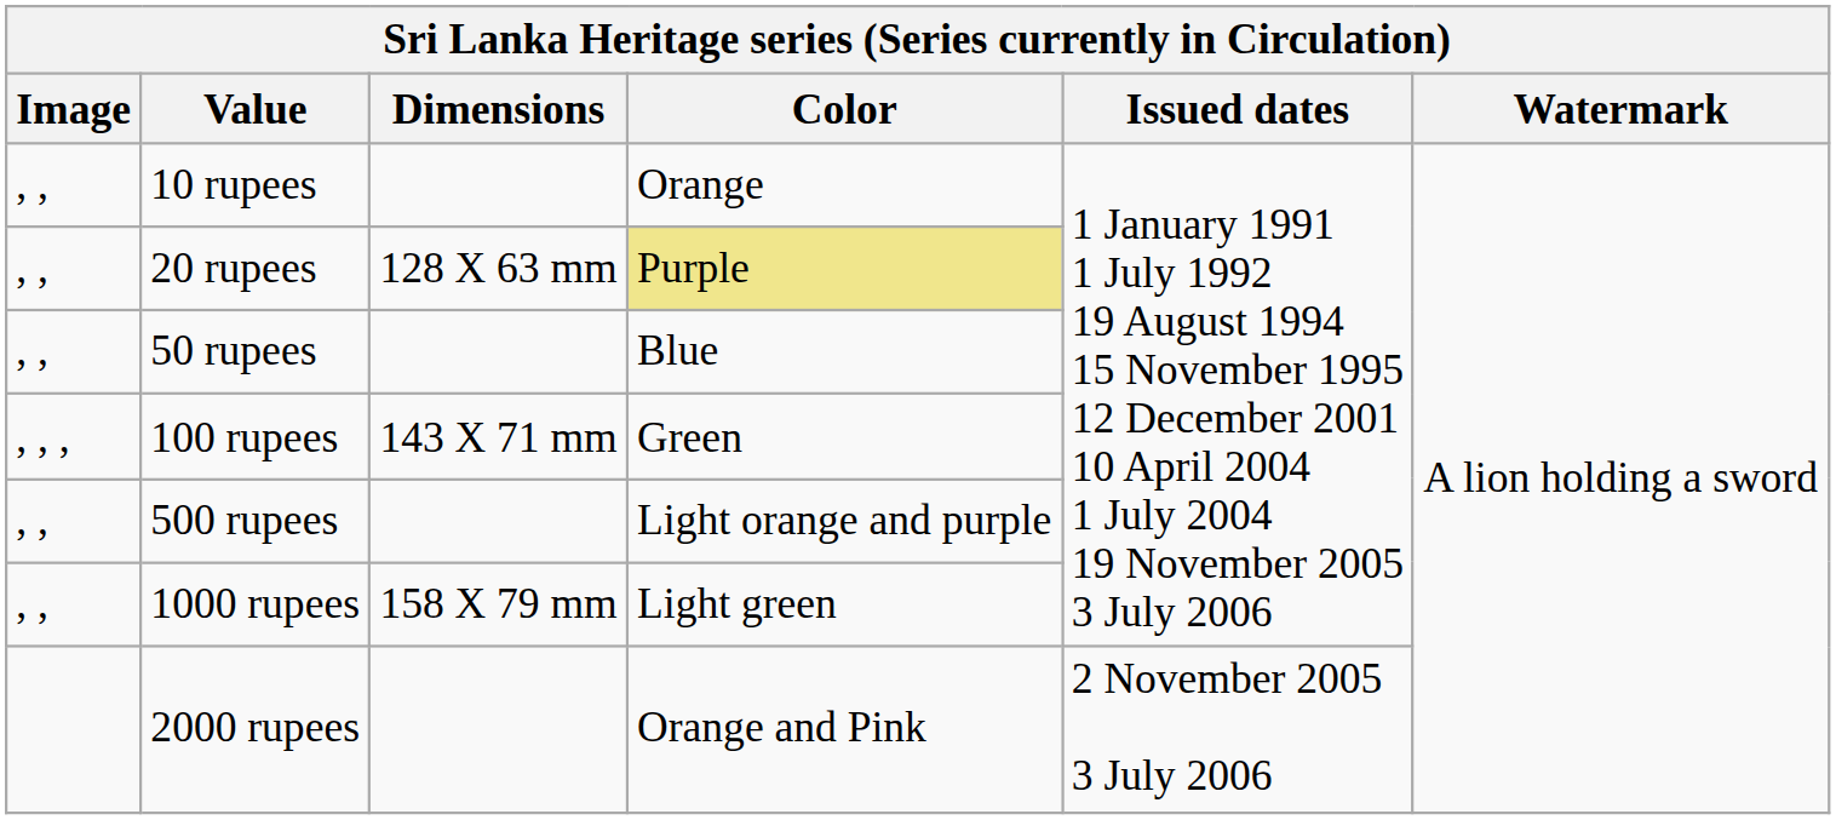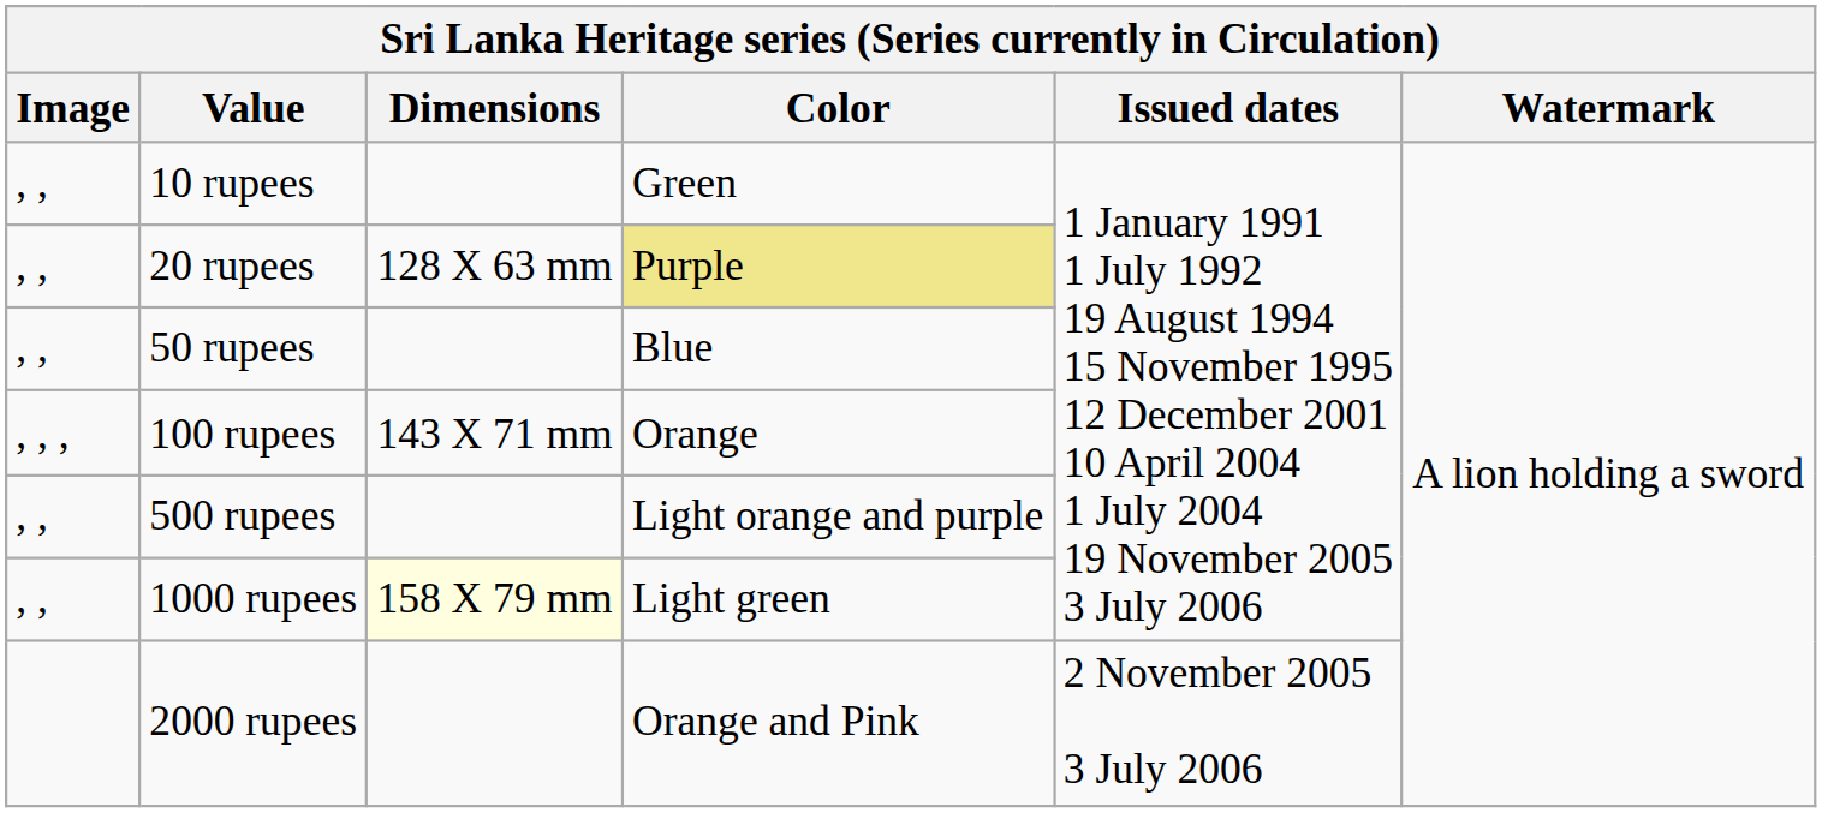 <table class="wikitable" style="font-size: 100%">
 <tr>
 <th Colspan="6">Sri Lanka Heritage series (Series currently in Circulation)</th>
 </tr>
 <tr>
 <th>Image</th>
 <th>Value</th>
 <th>Dimensions</th>
 <th>Color</th>
 <th>Issued dates</th>
 <th>Watermark</th>
 </tr>
 <tr>
 <td>, , </td>
 <td>10 rupees</td>
 <td></td>
-<td>Orange</td>
+<td>Green</td>
 <td rowspan="6"><br>1 January 1991<br> 1 July 1992<br> 19 August 1994<br> 15 November 1995<br> 12 December 2001<br> 10 April 2004<br> 1 July 2004<br> 19 November 2005<br> 3 July 2006</td>
 <td rowspan="7">A lion holding a sword</td>
 </tr>
 <tr>
 <td>, , </td>
 <td>20 rupees</td>
 <td>128 X 63 mm</td>
 <td style="background: khaki;">Purple</td>
 </tr>
 <tr>
 <td>, , </td>
 <td>50 rupees</td>
 <td></td>
 <td>Blue</td>
 </tr>
 <tr>
 <td>, , , </td>
 <td>100 rupees</td>
 <td>143 X 71 mm</td>
-<td>Green</td>
+<td>Orange</td>
 </tr>
 <tr>
 <td>, , </td>
 <td>500 rupees</td>
 <td></td>
 <td>Light orange and purple</td>
 </tr>
 <tr>
 <td>, , </td>
 <td>1000 rupees</td>
-<td>158 X 79 mm</td>
+<td style="background: lightyellow;">158 X 79 mm</td>
 <td>Light green</td>
 </tr>
 <tr>
 <td></td>
 <td>2000 rupees</td>
 <td></td>
 <td>Orange and Pink</td>
 <td>2 November 2005<br><br>3 July 2006</td>
 </tr>
 </table>
